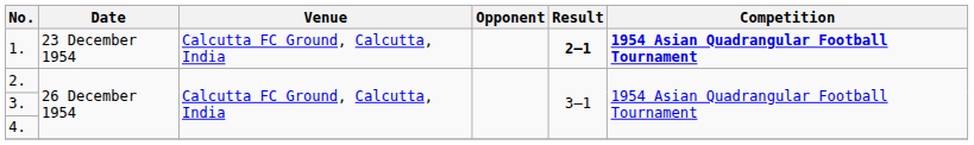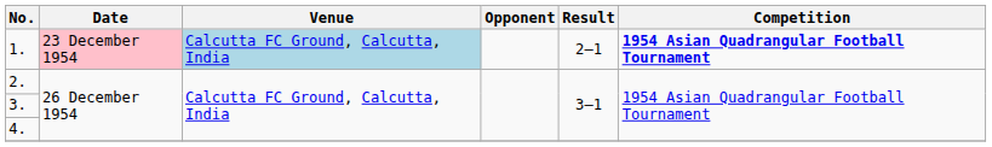 <table class="wikitable">
 <tr>
 <th>No.</th>
 <th>Date</th>
 <th>Venue</th>
 <th>Opponent</th>
 <th>Result</th>
 <th>Competition</th>
 </tr>
 <tr>
 <td>1.</td>
-<td>23 December 1954</td>
-<td><a href='#'>Calcutta FC Ground</a>, <a href='#'>Calcutta</a>, <a href='#'>India</a></td>
+<td style="background: pink;">23 December 1954</td>
+<td style="background: lightblue;"><a href='#'>Calcutta FC Ground</a>, <a href='#'>Calcutta</a>, <a href='#'>India</a></td>
 <td></td>
-<td align=center><strong>2–1</strong></td>
+<td align=center>2–1</td>
 <td><strong><a href='#'>1954 Asian Quadrangular Football Tournament</a></strong></td>
 </tr>
 <tr>
 <td>2.</td>
 <td rowspan=3>26 December 1954</td>
 <td rowspan=3><a href='#'>Calcutta FC Ground</a>, <a href='#'>Calcutta</a>, <a href='#'>India</a></td>
 <td rowspan=3></td>
 <td rowspan=3 align=center>3–1</td>
 <td rowspan=3><a href='#'>1954 Asian Quadrangular Football Tournament</a></td>
 </tr>
 <tr>
 <td>3.</td>
 </tr>
 <tr>
 <td>4.</td>
 </tr>
 <tr>
 </tr>
 </table>
